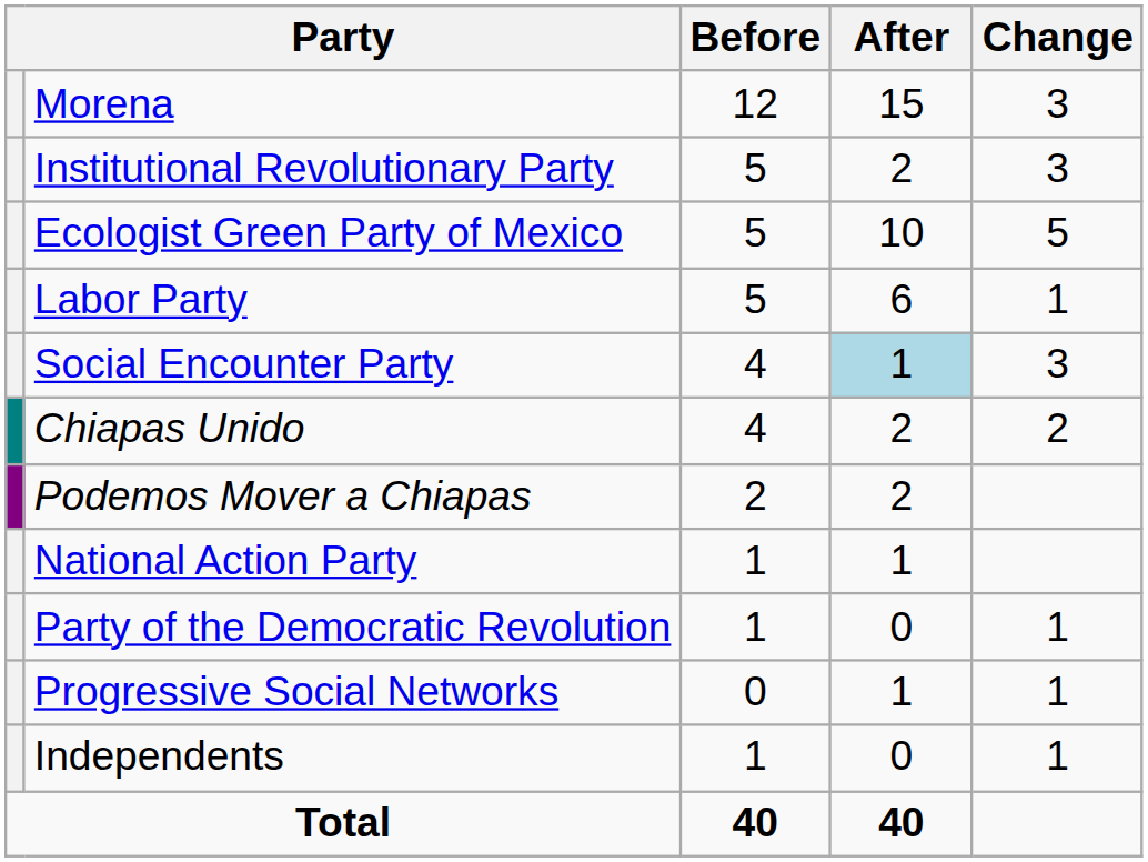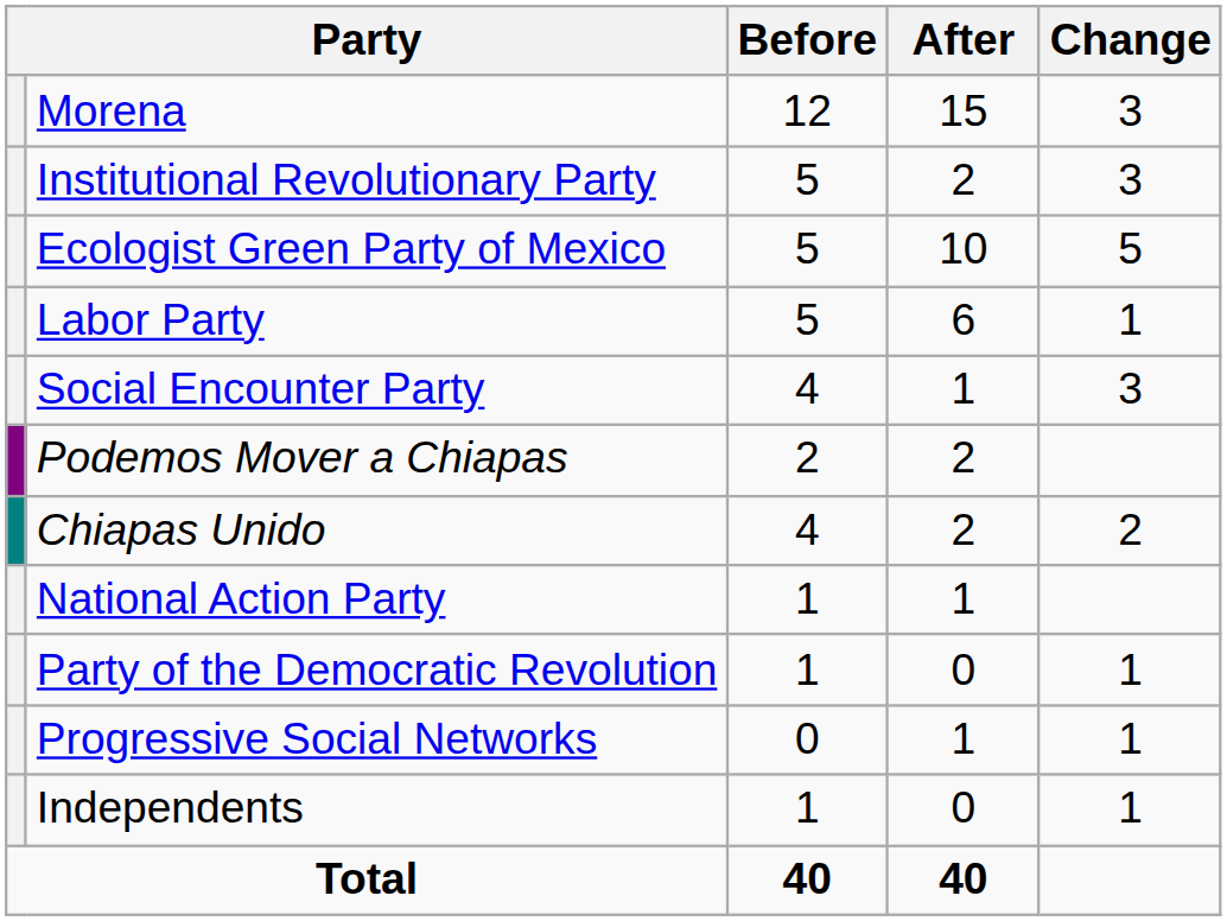 <table class="wikitable" style="text-align:center;">
 <tr>
 <th colspan="2">Party</th>
 <th style="width:3em">Before</th>
 <th style="width:3em">After</th>
 <th style="width:3em">Change</th>
 </tr>
 <tr>
 <th style="background-color:"></th>
 <td style="text-align:left;"><a href='#'>Morena</a></td>
 <td>12</td>
 <td>15</td>
 <td>3</td>
 </tr>
 <tr>
 <th style="background-color:"></th>
 <td style="text-align:left;"><a href='#'>Institutional Revolutionary Party</a></td>
 <td>5</td>
 <td>2</td>
 <td>3</td>
 </tr>
 <tr>
 <th style="background-color:"></th>
 <td style="text-align:left;"><a href='#'>Ecologist Green Party of Mexico</a></td>
 <td>5</td>
 <td>10</td>
 <td>5</td>
 </tr>
 <tr>
 <th style="background-color:"></th>
 <td style="text-align:left;"><a href='#'>Labor Party</a></td>
 <td>5</td>
 <td>6</td>
 <td>1</td>
 </tr>
 <tr>
 <th style="background-color:"></th>
 <td style="text-align:left;"><a href='#'>Social Encounter Party</a></td>
 <td>4</td>
-<td style="background: lightblue;">1</td>
+<td>1</td>
 <td>3</td>
+</tr>
+<tr>
+<th style="background-color:#800080;"></th>
+<td style="text-align:left;"><em>Podemos Mover a Chiapas</em></td>
+<td>2</td>
+<td>2</td>
+<td></td>
 </tr>
 <tr>
 <th style="background-color:#008080;"></th>
 <td style="text-align:left;"><em>Chiapas Unido</em></td>
 <td>4</td>
 <td>2</td>
 <td>2</td>
-</tr>
-<tr>
-<th style="background-color:#800080;"></th>
-<td style="text-align:left;"><em>Podemos Mover a Chiapas</em></td>
-<td>2</td>
-<td>2</td>
-<td></td>
 </tr>
 <tr>
 <th style="background-color:"></th>
 <td style="text-align:left;"><a href='#'>National Action Party</a></td>
 <td>1</td>
 <td>1</td>
 <td></td>
 </tr>
 <tr>
 <th style="background-color:"></th>
 <td style="text-align:left;"><a href='#'>Party of the Democratic Revolution</a></td>
 <td>1</td>
 <td>0</td>
 <td>1</td>
 </tr>
 <tr>
 <th style="background-color:"></th>
 <td style="text-align:left;"><a href='#'>Progressive Social Networks</a></td>
 <td>0</td>
 <td>1</td>
 <td>1</td>
 </tr>
 <tr>
 <th style="background-color:"></th>
 <td style="text-align:left;">Independents</td>
 <td>1</td>
 <td>0</td>
 <td>1</td>
 </tr>
 <tr>
 <td colspan="2"><strong>Total</strong></td>
 <td><strong>40</strong></td>
 <td><strong>40</strong></td>
 <td></td>
 </tr>
 </table>
